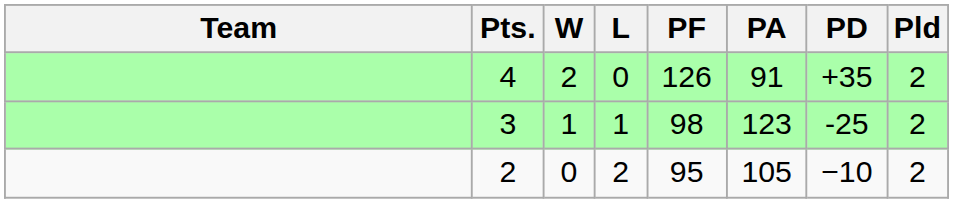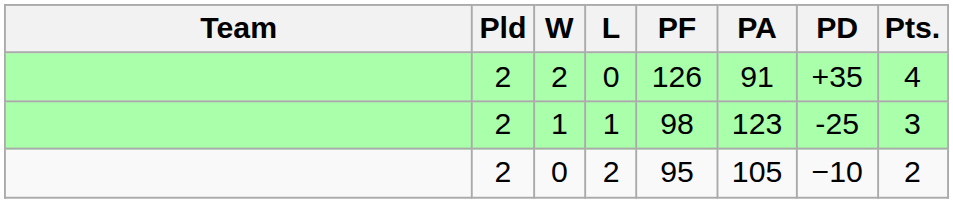 <table class=wikitable style="text-align:center">
 <tr>
 <th width=240>Team</th>
-<th width=30>Pts.</th>
+<th width=20>Pld</th>
 <th width=20>W</th>
 <th width=20>L</th>
 <th width=35>PF</th>
 <th width=35>PA</th>
 <th width=35>PD</th>
-<th width=20>Pld</th>
+<th width=30>Pts.</th>
 </tr>
 <tr bgcolor=#aaffaa>
 <td align=left></td>
-<td>4</td>
+<td>2</td>
 <td>2</td>
 <td>0</td>
 <td>126</td>
 <td>91</td>
 <td>+35</td>
-<td>2</td>
+<td>4</td>
 </tr>
 <tr bgcolor=#aaffaa>
 <td align=left></td>
-<td>3</td>
+<td>2</td>
 <td>1</td>
 <td>1</td>
 <td>98</td>
 <td>123</td>
 <td>-25</td>
-<td>2</td>
+<td>3</td>
 </tr>
 <tr>
 <td align=left></td>
 <td>2</td>
 <td>0</td>
 <td>2</td>
 <td>95</td>
 <td>105</td>
 <td>−10</td>
 <td>2</td>
 </tr>
 </table>
